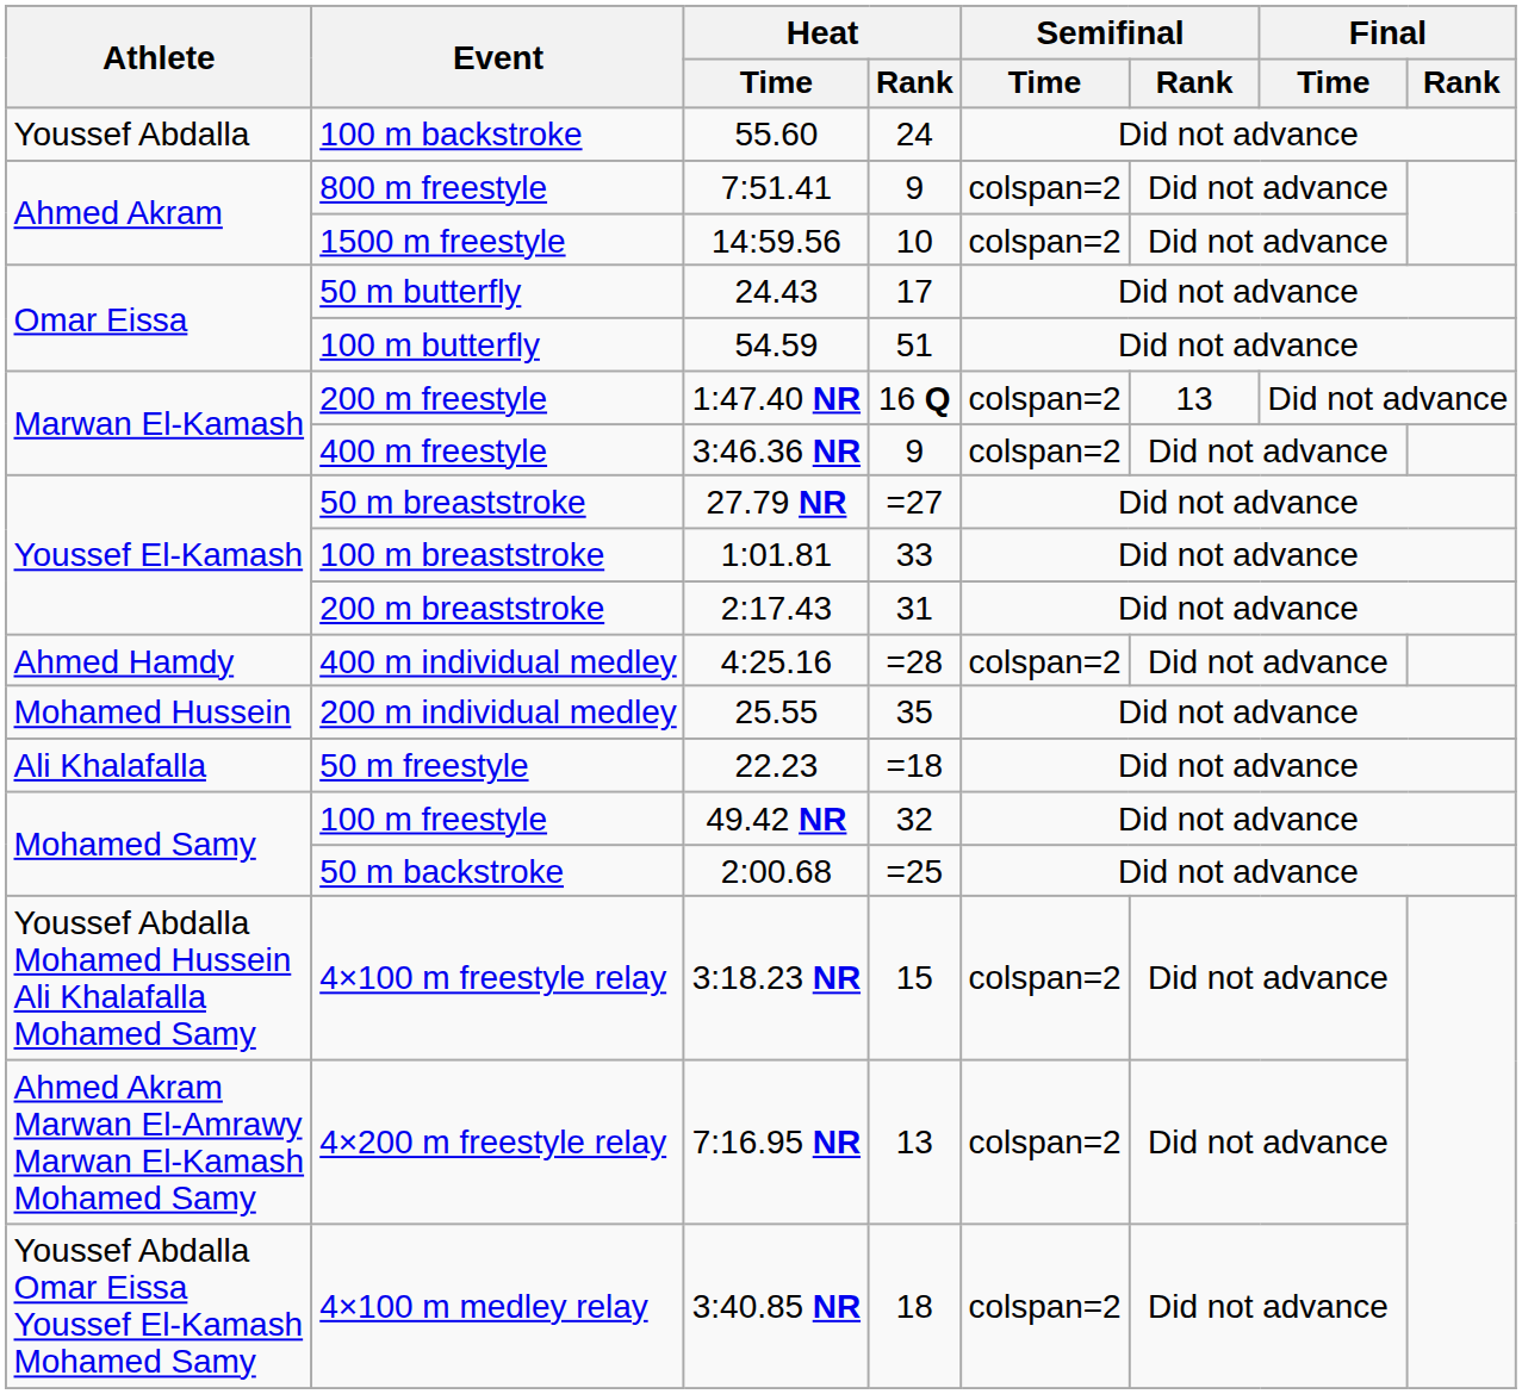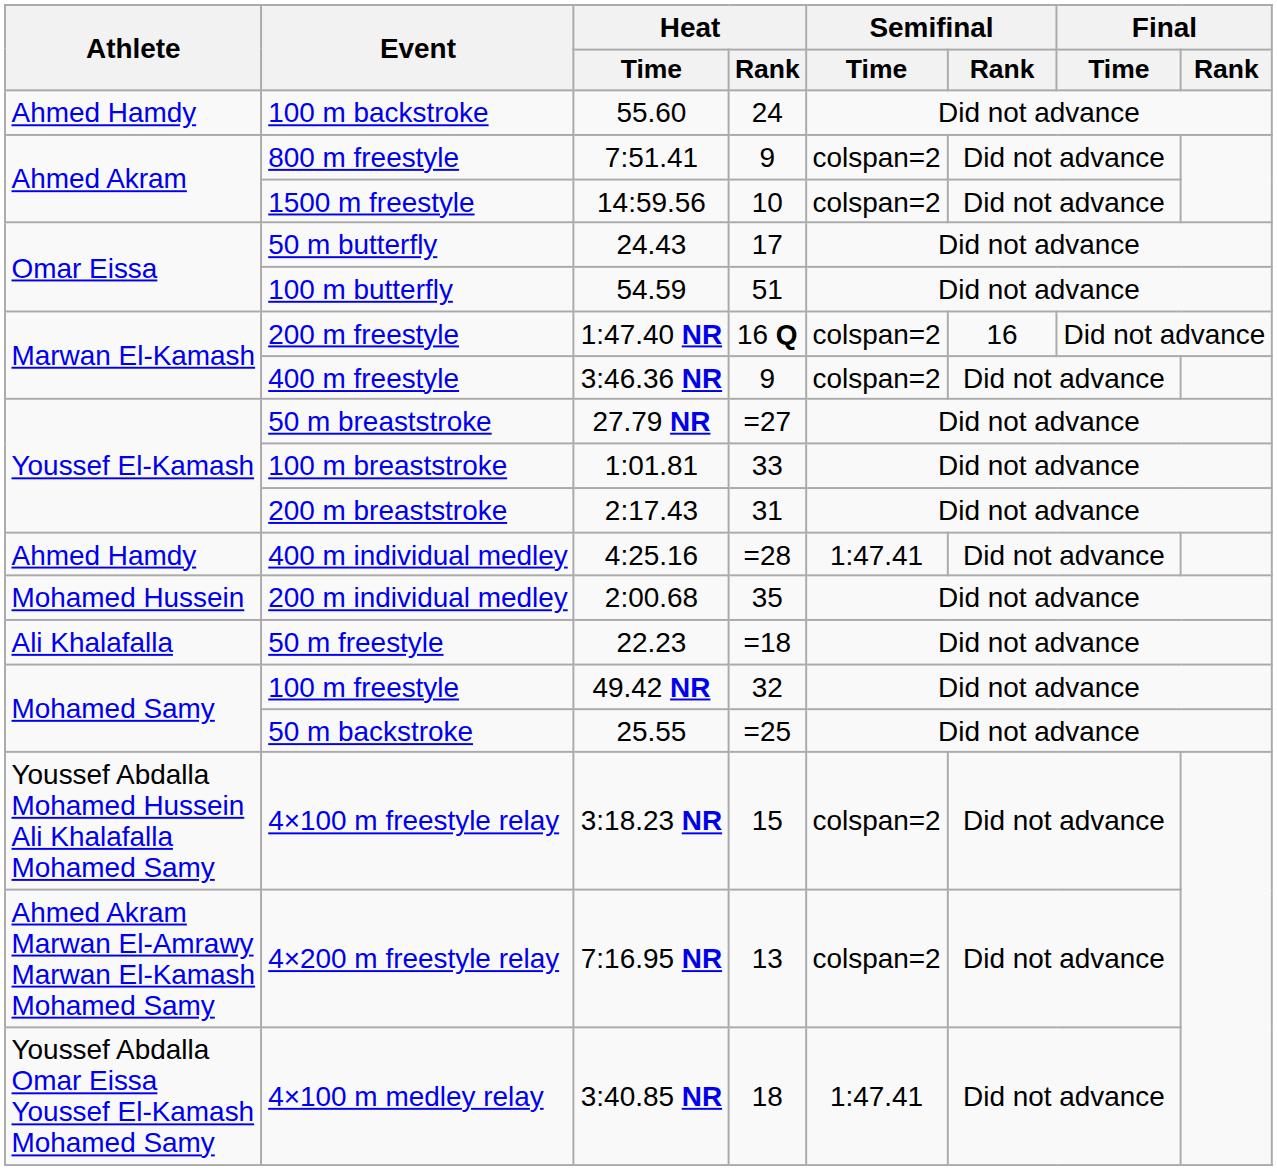 <table class=wikitable style="font-size:90%">
 <tr>
 <th rowspan="2">Athlete</th>
 <th rowspan="2">Event</th>
 <th colspan="2">Heat</th>
 <th colspan="2">Semifinal</th>
 <th colspan="2">Final</th>
 </tr>
 <tr style="font-size:95%">
 <th>Time</th>
 <th>Rank</th>
 <th>Time</th>
 <th>Rank</th>
 <th>Time</th>
 <th>Rank</th>
 </tr>
 <tr align=center>
-<td align=left>Youssef Abdalla</td>
+<td align=left><a href='#'>Ahmed Hamdy</a></td>
 <td align=left><a href='#'>100 m backstroke</a></td>
 <td>55.60</td>
 <td>24</td>
 <td colspan=4>Did not advance</td>
 </tr>
 <tr align=center>
 <td align=left rowspan=2><a href='#'>Ahmed Akram</a></td>
 <td align=left><a href='#'>800 m freestyle</a></td>
 <td>7:51.41</td>
 <td>9</td>
 <td>colspan=2 </td>
 <td colspan=2>Did not advance</td>
 </tr>
 <tr align=center>
 <td align=left><a href='#'>1500 m freestyle</a></td>
 <td>14:59.56</td>
 <td>10</td>
 <td>colspan=2 </td>
 <td colspan=2>Did not advance</td>
 </tr>
 <tr align=center>
 <td align=left rowspan=2><a href='#'>Omar Eissa</a></td>
 <td align=left><a href='#'>50 m butterfly</a></td>
 <td>24.43</td>
 <td>17</td>
 <td colspan=4>Did not advance</td>
 </tr>
 <tr align=center>
 <td align=left><a href='#'>100 m butterfly</a></td>
 <td>54.59</td>
 <td>51</td>
 <td colspan=4>Did not advance</td>
 </tr>
 <tr align=center>
 <td align=left rowspan=2><a href='#'>Marwan El-Kamash</a></td>
 <td align=left><a href='#'>200 m freestyle</a></td>
 <td>1:47.40 <strong><a href='#'>NR</a></strong></td>
 <td>16 <strong>Q</strong></td>
 <td>colspan=2 </td>
-<td>13</td>
+<td>16</td>
 <td colspan=2>Did not advance</td>
 </tr>
 <tr align=center>
 <td align=left><a href='#'>400 m freestyle</a></td>
 <td>3:46.36 <strong><a href='#'>NR</a></strong></td>
 <td>9</td>
 <td>colspan=2 </td>
 <td colspan=2>Did not advance</td>
 </tr>
 <tr align=center>
 <td align=left rowspan=3><a href='#'>Youssef El-Kamash</a></td>
 <td align=left><a href='#'>50 m breaststroke</a></td>
 <td>27.79 <strong><a href='#'>NR</a></strong></td>
 <td>=27</td>
 <td colspan=4>Did not advance</td>
 </tr>
 <tr align=center>
 <td align=left><a href='#'>100 m breaststroke</a></td>
 <td>1:01.81</td>
 <td>33</td>
 <td colspan=4>Did not advance</td>
 </tr>
 <tr align=center>
 <td align=left><a href='#'>200 m breaststroke</a></td>
 <td>2:17.43</td>
 <td>31</td>
 <td colspan=4>Did not advance</td>
 </tr>
 <tr align=center>
 <td align=left><a href='#'>Ahmed Hamdy</a></td>
 <td align=left><a href='#'>400 m individual medley</a></td>
 <td>4:25.16</td>
 <td>=28</td>
-<td>colspan=2 </td>
+<td>1:47.41</td>
 <td colspan=2>Did not advance</td>
 </tr>
 <tr align=center>
 <td align=left><a href='#'>Mohamed Hussein</a></td>
 <td align=left><a href='#'>200 m individual medley</a></td>
-<td>25.55</td>
+<td>2:00.68</td>
 <td>35</td>
 <td colspan=4>Did not advance</td>
 </tr>
 <tr align=center>
 <td align=left><a href='#'>Ali Khalafalla</a></td>
 <td align=left><a href='#'>50 m freestyle</a></td>
 <td>22.23</td>
 <td>=18</td>
 <td colspan=4>Did not advance</td>
 </tr>
 <tr align=center>
 <td align=left rowspan=2><a href='#'>Mohamed Samy</a></td>
 <td align=left><a href='#'>100 m freestyle</a></td>
 <td>49.42 <strong><a href='#'>NR</a></strong></td>
 <td>32</td>
 <td colspan=4>Did not advance</td>
 </tr>
 <tr align=center>
 <td align=left><a href='#'>50 m backstroke</a></td>
-<td>2:00.68</td>
+<td>25.55</td>
 <td>=25</td>
 <td colspan=4>Did not advance</td>
 </tr>
 <tr align=center>
 <td align=left>Youssef Abdalla<br><a href='#'>Mohamed Hussein</a><br><a href='#'>Ali Khalafalla</a><br><a href='#'>Mohamed Samy</a></td>
 <td align=left><a href='#'>4×100 m freestyle relay</a></td>
 <td>3:18.23 <strong><a href='#'>NR</a></strong></td>
 <td>15</td>
 <td>colspan=2 </td>
 <td colspan=2>Did not advance</td>
 </tr>
 <tr align=center>
 <td align=left><a href='#'>Ahmed Akram</a><br><a href='#'>Marwan El-Amrawy</a><br><a href='#'>Marwan El-Kamash</a><br><a href='#'>Mohamed Samy</a></td>
 <td align=left><a href='#'>4×200 m freestyle relay</a></td>
 <td>7:16.95 <strong><a href='#'>NR</a></strong></td>
 <td>13</td>
 <td>colspan=2 </td>
 <td colspan=2>Did not advance</td>
 </tr>
 <tr align=center>
 <td align=left>Youssef Abdalla<br><a href='#'>Omar Eissa</a><br><a href='#'>Youssef El-Kamash</a><br><a href='#'>Mohamed Samy</a></td>
 <td align=left><a href='#'>4×100 m medley relay</a></td>
 <td>3:40.85 <strong><a href='#'>NR</a></strong></td>
 <td>18</td>
-<td>colspan=2 </td>
+<td>1:47.41</td>
 <td colspan=2>Did not advance</td>
 </tr>
 </table>
